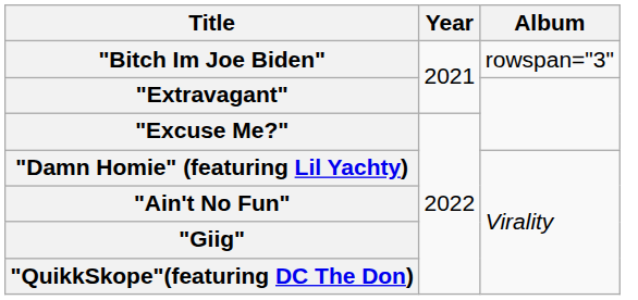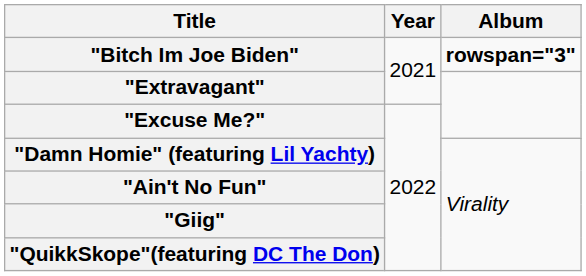 <table class="wikitable plainrowheaders">
 <tr>
 <th scope="col">Title</th>
 <th scope="col">Year</th>
 <th scope="col">Album</th>
 </tr>
 <tr>
 <th scope="row">"Bitch Im Joe Biden"</th>
 <td rowspan="2">2021</td>
-<td>rowspan="3" </td>
+<td><strong>rowspan="3" </strong></td>
 </tr>
 <tr>
 <th scope="row">"Extravagant"</th>
 </tr>
 <tr>
 <th scope="row">"Excuse Me?"</th>
 <td rowspan="5">2022</td>
 </tr>
 <tr>
 <th scope="row">"Damn Homie" (featuring <a href='#'>Lil Yachty</a>)</th>
 <td rowspan="4"><em>Virality</em></td>
 </tr>
 <tr>
 <th scope="row">"Ain't No Fun"</th>
 </tr>
 <tr>
 <th scope="row">"Giig"</th>
 </tr>
 <tr>
 <th scope="row">"QuikkSkope"(featuring <a href='#'>DC The Don</a>)</th>
 </tr>
 </table>
